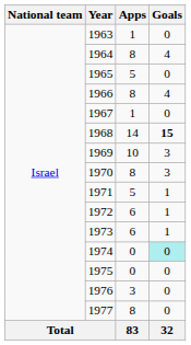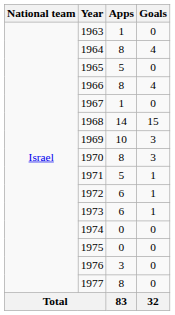 <table class="wikitable" style="text-align:center">
 <tr>
 <th>National team</th>
 <th>Year</th>
 <th>Apps</th>
 <th>Goals</th>
 </tr>
 <tr>
 <td rowspan="15"><a href='#'>Israel</a></td>
 <td>1963</td>
 <td>1</td>
 <td>0</td>
 </tr>
 <tr>
 <td>1964</td>
 <td>8</td>
 <td>4</td>
 </tr>
 <tr>
 <td>1965</td>
 <td>5</td>
 <td>0</td>
 </tr>
 <tr>
 <td>1966</td>
 <td>8</td>
 <td>4</td>
 </tr>
 <tr>
 <td>1967</td>
 <td>1</td>
 <td>0</td>
 </tr>
 <tr>
 <td>1968</td>
 <td>14</td>
-<td><strong>15</strong></td>
+<td>15</td>
 </tr>
 <tr>
 <td>1969</td>
 <td>10</td>
 <td>3</td>
 </tr>
 <tr>
 <td>1970</td>
 <td>8</td>
 <td>3</td>
 </tr>
 <tr>
 <td>1971</td>
 <td>5</td>
 <td>1</td>
 </tr>
 <tr>
 <td>1972</td>
 <td>6</td>
 <td>1</td>
 </tr>
 <tr>
 <td>1973</td>
 <td>6</td>
 <td>1</td>
 </tr>
 <tr>
 <td>1974</td>
 <td>0</td>
-<td style="background: paleturquoise;">0</td>
+<td>0</td>
 </tr>
 <tr>
 <td>1975</td>
 <td>0</td>
 <td>0</td>
 </tr>
 <tr>
 <td>1976</td>
 <td>3</td>
 <td>0</td>
 </tr>
 <tr>
 <td>1977</td>
 <td>8</td>
 <td>0</td>
 </tr>
 <tr>
 <th colspan="2">Total</th>
 <th>83</th>
 <th>32</th>
 </tr>
 </table>
